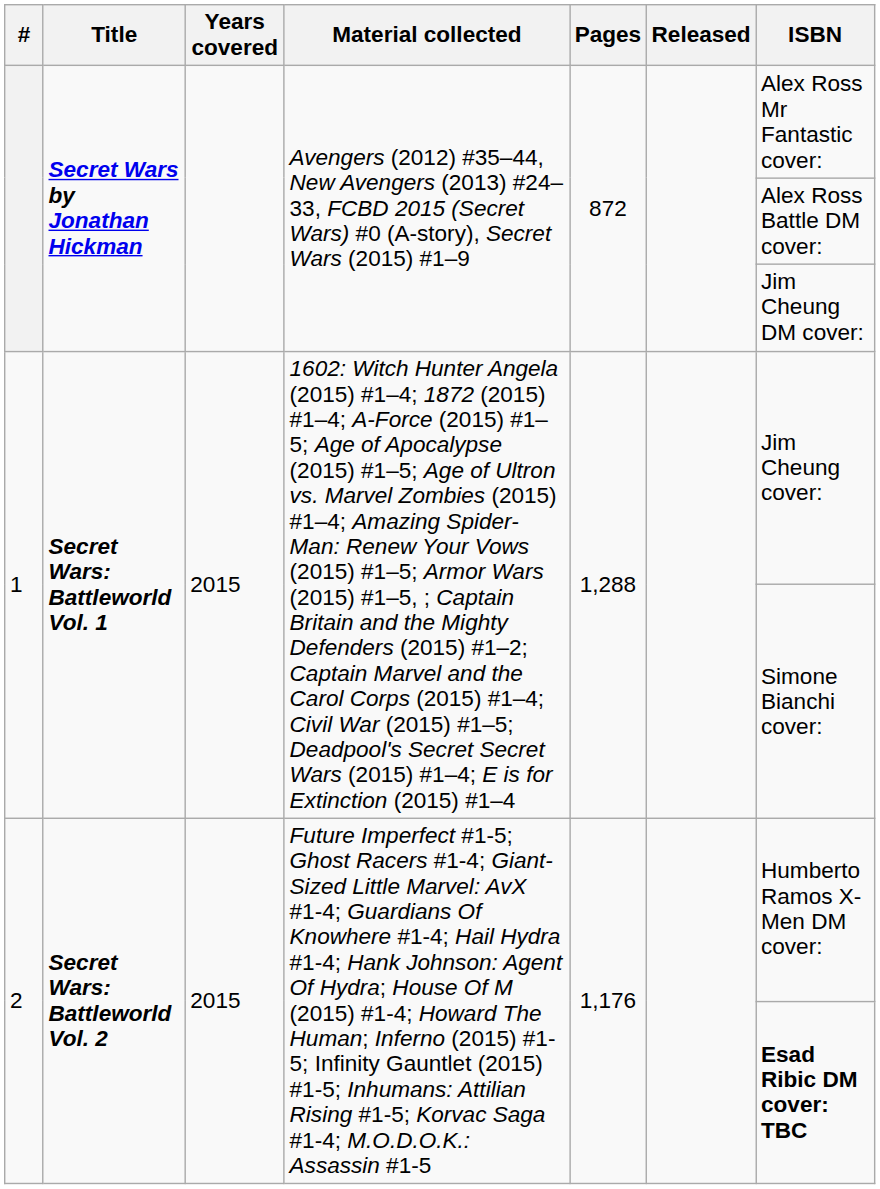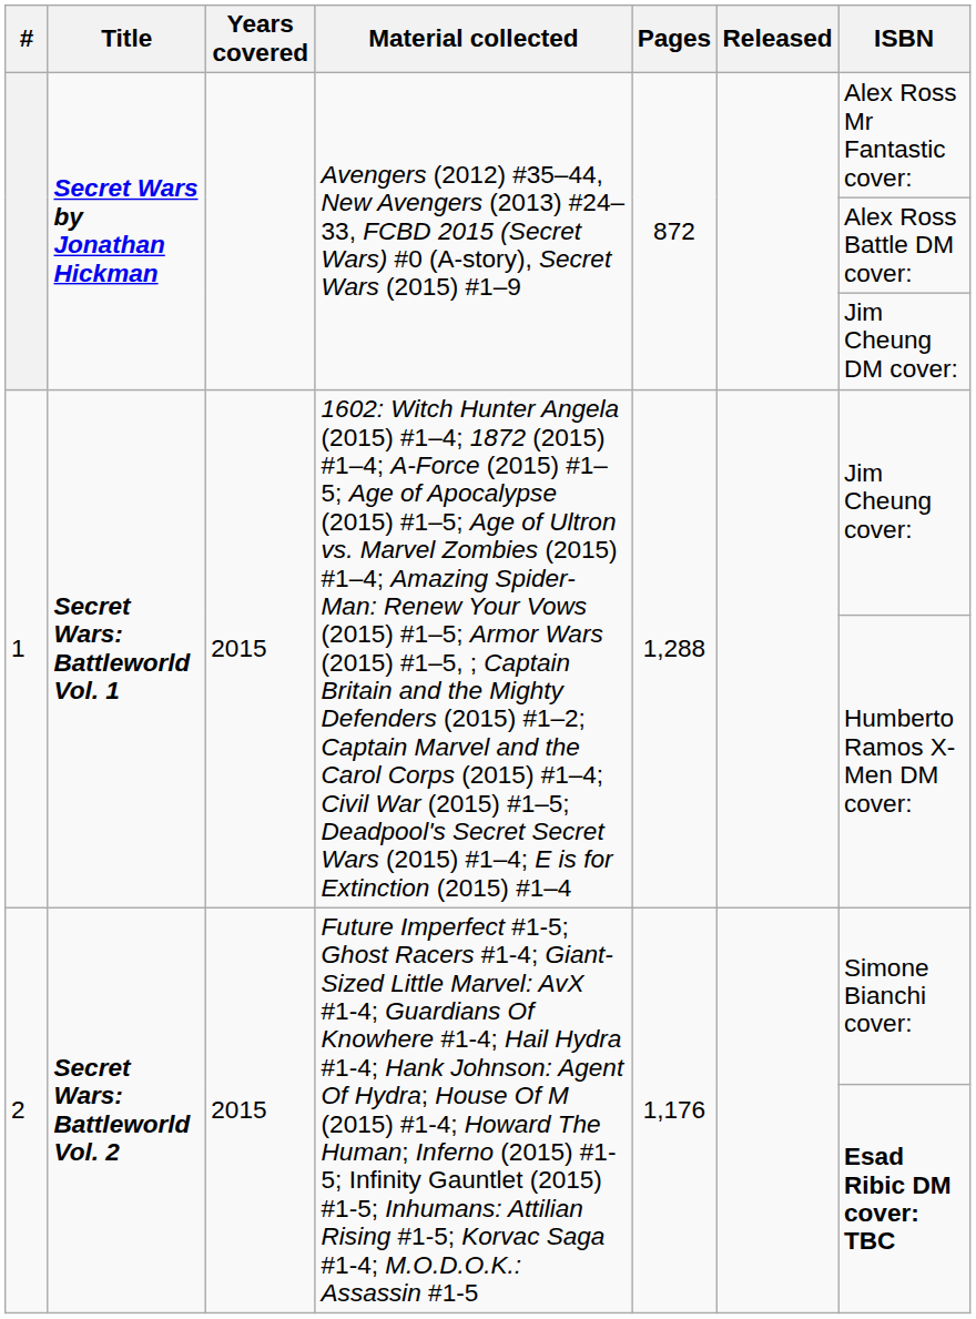 <table class="wikitable sortable" width="99%">
 <tr>
 <th class="unsortable" width="20px">#</th>
 <th>Title</th>
 <th>Years covered</th>
 <th class="unsortable">Material collected</th>
 <th>Pages</th>
 <th>Released</th>
 <th class="unsortable">ISBN</th>
 </tr>
 <tr>
 <th rowspan=3 style="background-color: light grey;"></th>
 <td rowspan=3><strong><em><a href='#'>Secret Wars</a> by <a href='#'>Jonathan Hickman</a></em></strong></td>
 <td rowspan=3></td>
 <td rowspan=3><em>Avengers</em> (2012) #35–44, <em>New Avengers</em> (2013) #24–33, <em>FCBD 2015 (Secret Wars)</em> #0 (A-story), <em>Secret Wars</em> (2015) #1–9</td>
 <td rowspan=3 style="text-align: center;">872</td>
 <td rowspan=3></td>
 <td>Alex Ross Mr Fantastic cover: </td>
 </tr>
 <tr>
 <td>Alex Ross Battle DM cover: </td>
 </tr>
 <tr>
 <td>Jim Cheung DM cover: </td>
 </tr>
 <tr>
 <td rowspan=2>1</td>
 <td rowspan=2><strong><em>Secret Wars: Battleworld Vol. 1</em></strong></td>
 <td rowspan=2>2015</td>
 <td rowspan=2><em>1602: Witch Hunter Angela</em> (2015) #1–4; <em>1872</em> (2015) #1–4; <em>A-Force</em> (2015) #1–5; <em>Age of Apocalypse</em> (2015) #1–5; <em>Age of Ultron vs. Marvel Zombies</em> (2015) #1–4; <em>Amazing Spider-Man: Renew Your Vows</em> (2015) #1–5; <em>Armor Wars</em> (2015) #1–5, ; <em>Captain Britain and the Mighty Defenders</em> (2015) #1–2; <em>Captain Marvel and the Carol Corps</em> (2015) #1–4; <em>Civil War</em> (2015) #1–5; <em>Deadpool's Secret Secret Wars</em> (2015) #1–4; <em>E is for Extinction</em> (2015) #1–4</td>
 <td rowspan=2 style="text-align: center;">1,288</td>
 <td rowspan=2></td>
 <td>Jim Cheung cover: </td>
 </tr>
 <tr>
-<td>Simone Bianchi cover: </td>
+<td>Humberto Ramos X-Men DM cover: </td>
 </tr>
 <tr>
 <td rowspan=2>2</td>
 <td rowspan=2><strong><em>Secret Wars: Battleworld Vol. 2</em></strong></td>
 <td rowspan=2>2015</td>
 <td rowspan=2><em>Future Imperfect</em> #1-5; <em>Ghost Racers</em> #1-4; <em>Giant-Sized Little Marvel: AvX</em> #1-4; <em>Guardians Of Knowhere</em> #1-4; <em>Hail Hydra</em> #1-4; <em>Hank Johnson: Agent Of Hydra</em>; <em>House Of M</em> (2015) #1-4; <em>Howard The Human</em>; <em>Inferno</em> (2015) #1-5; Infinity Gauntlet (2015) #1-5; <em>Inhumans: Attilian Rising</em> #1-5; <em>Korvac Saga</em> #1-4; <em>M.O.D.O.K.: Assassin</em> #1-5</td>
 <td rowspan=2 style="text-align: center;">1,176</td>
 <td rowspan=2></td>
-<td>Humberto Ramos X-Men DM cover: </td>
+<td>Simone Bianchi cover: </td>
 </tr>
 <tr>
 <td><strong>Esad Ribic DM cover: TBC</strong></td>
 </tr>
 </table>
